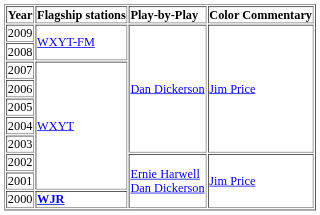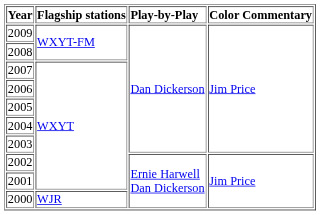 <table border="1" cellpadding="1">
 <tr>
 <td><strong>Year</strong></td>
 <td><strong>Flagship stations</strong></td>
 <td><strong>Play-by-Play</strong></td>
 <td><strong>Color Commentary</strong></td>
 </tr>
 <tr>
 <td>2009</td>
 <td rowspan=2><a href='#'>WXYT-FM</a></td>
 <td rowspan=7><a href='#'>Dan Dickerson</a></td>
 <td rowspan=7><a href='#'>Jim Price</a></td>
 </tr>
 <tr>
 <td>2008</td>
 </tr>
 <tr>
 <td>2007</td>
 <td rowspan=7><a href='#'>WXYT</a></td>
 </tr>
 <tr>
 <td>2006</td>
 </tr>
 <tr>
 <td>2005</td>
 </tr>
 <tr>
 <td>2004</td>
 </tr>
 <tr>
 <td>2003</td>
 </tr>
 <tr>
 <td>2002</td>
 <td rowspan=3><a href='#'>Ernie Harwell</a> <br> <a href='#'>Dan Dickerson</a></td>
 <td rowspan=3><a href='#'>Jim Price</a></td>
 </tr>
 <tr>
 <td>2001</td>
 </tr>
 <tr>
 <td>2000</td>
-<td><strong><a href='#'>WJR</a></strong></td>
+<td><a href='#'>WJR</a></td>
 </tr>
 </table>
